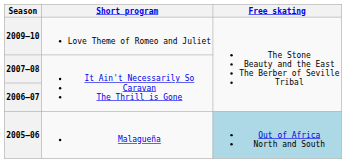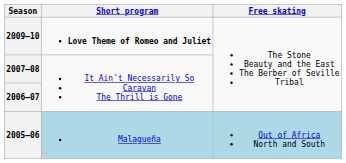 <table class="wikitable" style="text-align:center">
 <tr>
 <th>Season</th>
 <th><a href='#'>Short program</a></th>
 <th><a href='#'>Free skating</a></th>
 </tr>
 <tr>
 <th>2009–10 <br> </th>
-<td><br><ul><li>Love Theme of Romeo and Juliet</li></ul></td>
+<td><strong><br><ul><li>Love Theme of Romeo and Juliet</li></ul></strong></td>
 <td rowspan=3><br><ul><li>The Stone <br></li><li>Beauty and the East</li><li>The Berber of Seville <br></li><li>Tribal <br></li></ul></td>
 </tr>
 <tr>
 <th>2007–08 <br> </th>
 <td rowspan=2><br><ul><li><a href='#'>It Ain't Necessarily So</a> <br></li><li><a href='#'>Caravan</a> <br></li><li><a href='#'>The Thrill is Gone</a> <br></li></ul></td>
 </tr>
 <tr>
 <th>2006–07 <br> </th>
 </tr>
 <tr>
 <th>2005–06 <br> </th>
-<td><br><ul><li><a href='#'>Malagueña</a> <br></li></ul></td>
+<td style="background: lightblue;"><br><ul><li><a href='#'>Malagueña</a> <br></li></ul></td>
 <td style="background: lightblue;"><br><ul><li><a href='#'>Out of Africa</a> <br></li><li>North and South</li></ul></td>
 </tr>
 </table>
